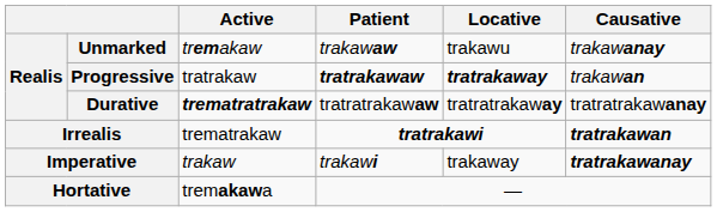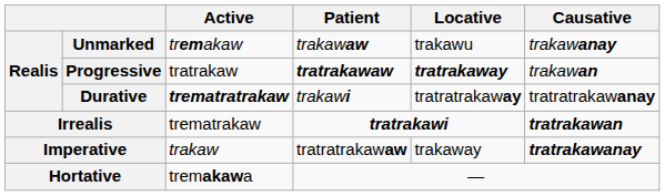 <table class="wikitable">
 <tr>
 <th colspan="2"></th>
 <th>Active</th>
 <th>Patient</th>
 <th>Locative</th>
 <th>Causative</th>
 </tr>
 <tr>
 <th rowspan="3">Realis</th>
 <th>Unmarked</th>
 <td><em>tr<strong>em</strong>akaw</em></td>
 <td><em>trakaw<strong>aw<strong><em></td>
 <td></em>trakaw</strong>u</em></strong></td>
 <td><em>trakaw<strong>anay<strong><em></td>
 </tr>
 <tr>
 <th>Progressive</th>
 <td></em></strong>tra</strong>trakaw</em></td>
 <td><strong><em>tra<strong>trakaw</strong>aw</em></strong></td>
 <td><strong><em>tra<strong>trakaw</strong>ay</em></strong></td>
 <td><em>trakaw<strong>an<strong><em></td>
 </tr>
 <tr>
 <th>Durative</th>
 <td><strong><em>trematra<strong>trakaw<em></td>
-<td></em></strong>tratra</strong>trakaw<strong>aw<strong><em></td>
+<td><em>trakaw<strong>i<strong><em></td>
 <td></em></strong>tratra</strong>trakaw<strong>ay<strong><em></td>
 <td></em></strong>tratra</strong>trakaw<strong>anay<strong><em></td>
 </tr>
 <tr>
 <th colspan="2">Irrealis</th>
 <td></em></strong>trema</strong>trakaw</em></td>
 <td colspan="2" style="text-align: center;"><strong><em>tra<strong>trakaw</strong>i</em></strong></td>
 <td><strong><em>tra<strong>trakaw</strong>an</em></strong></td>
 </tr>
 <tr>
 <th colspan="2">Imperative</th>
 <td><em>trakaw</em></td>
-<td><em>trakaw<strong>i<strong><em></td>
+<td></em></strong>tratra</strong>trakaw<strong>aw<strong><em></td>
 <td></em>trakaw</strong>ay</em></strong></td>
 <td><strong><em>tra<strong>trakaw</strong>anay</em></strong></td>
 </tr>
 <tr>
 <th colspan="2">Hortative</th>
 <td></em>tr</strong>em<strong>akaw</strong>a</em></strong></td>
 <td colspan="3" style="text-align: center;">—</td>
 </tr>
 </table>
